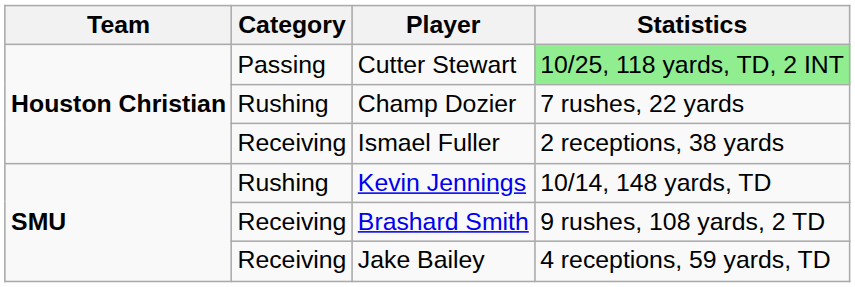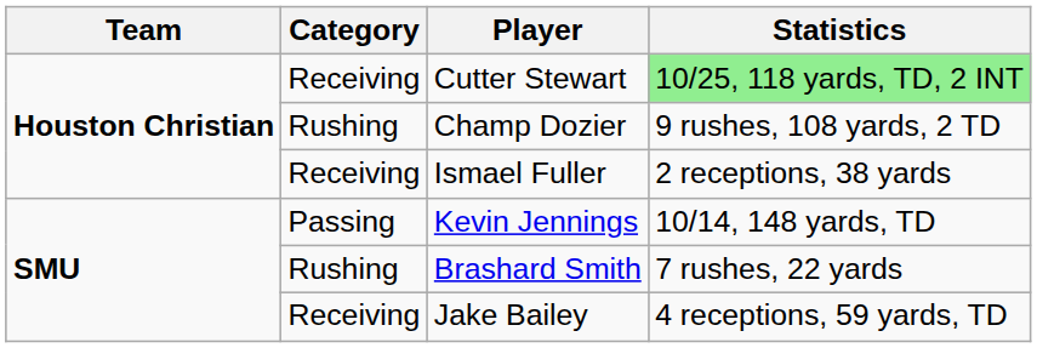 <table class="wikitable" style="float: right;">
 <tr>
 <th>Team</th>
 <th>Category</th>
 <th>Player</th>
 <th>Statistics</th>
 </tr>
 <tr>
 <td rowspan=3><strong>Houston Christian</strong></td>
-<td>Passing</td>
+<td>Receiving</td>
 <td>Cutter Stewart</td>
 <td style="background: lightgreen;">10/25, 118 yards, TD, 2 INT</td>
 </tr>
 <tr>
 <td>Rushing</td>
 <td>Champ Dozier</td>
-<td>7 rushes, 22 yards</td>
+<td>9 rushes, 108 yards, 2 TD</td>
 </tr>
 <tr>
 <td>Receiving</td>
 <td>Ismael Fuller</td>
 <td>2 receptions, 38 yards</td>
 </tr>
 <tr>
 <td rowspan=3><strong>SMU</strong></td>
-<td>Rushing</td>
+<td>Passing</td>
 <td><a href='#'>Kevin Jennings</a></td>
 <td>10/14, 148 yards, TD</td>
 </tr>
 <tr>
-<td>Receiving</td>
+<td>Rushing</td>
 <td><a href='#'>Brashard Smith</a></td>
-<td>9 rushes, 108 yards, 2 TD</td>
+<td>7 rushes, 22 yards</td>
 </tr>
 <tr>
 <td>Receiving</td>
 <td>Jake Bailey</td>
 <td>4 receptions, 59 yards, TD</td>
 </tr>
 </table>
